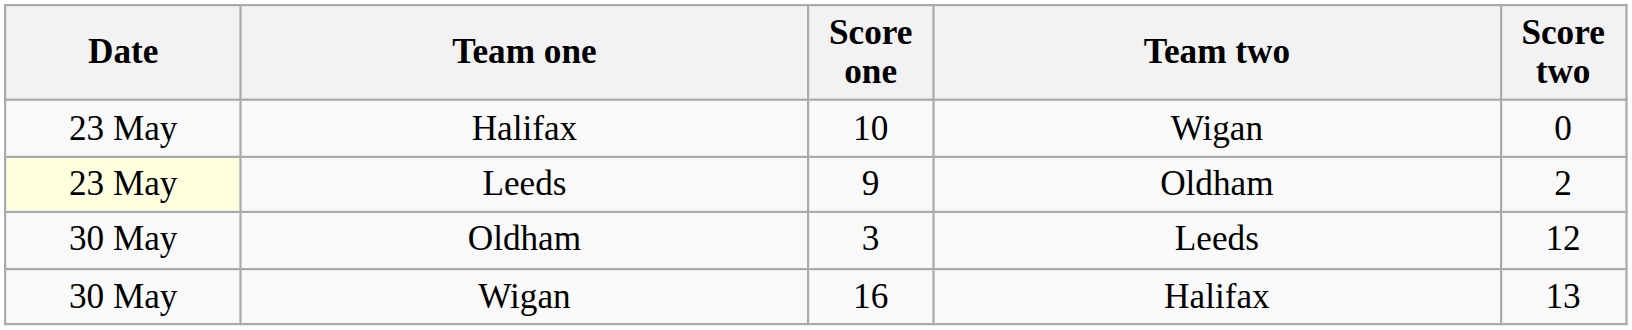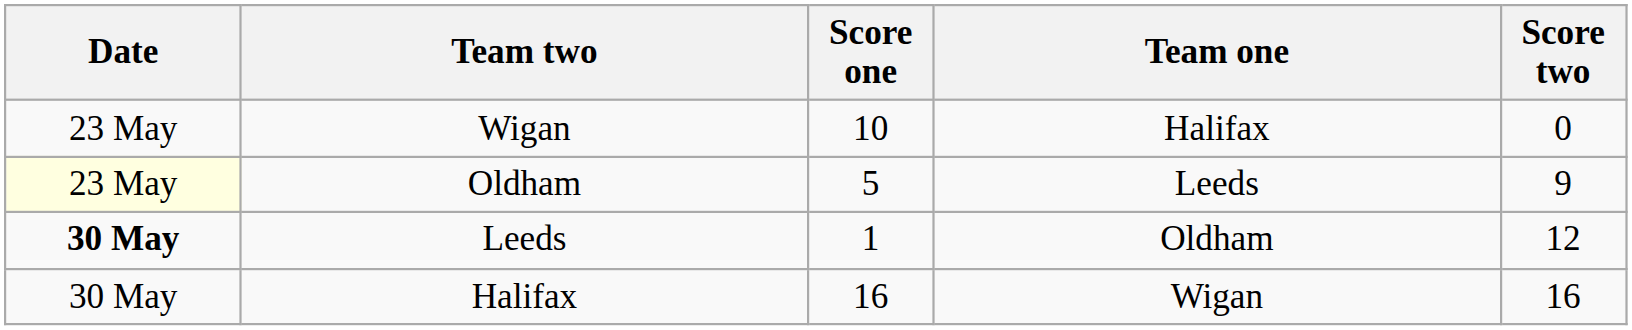 <table class="wikitable" style="text-align: center">
 <tr>
 <th width=100>Date</th>
+<th width=250>Team two</th>
+<th width=50>Score one</th>
 <th width=250>Team one</th>
-<th width=50>Score one</th>
-<th width=250>Team two</th>
 <th width=50>Score two</th>
 </tr>
 <tr>
 <td>23 May</td>
+<td>Wigan</td>
+<td>10</td>
 <td>Halifax</td>
-<td>10</td>
-<td>Wigan</td>
 <td>0</td>
 </tr>
 <tr>
 <td style="background: lightyellow;">23 May</td>
+<td>Oldham</td>
+<td>5</td>
 <td>Leeds</td>
 <td>9</td>
-<td>Oldham</td>
-<td>2</td>
 </tr>
 <tr>
-<td>30 May</td>
+<td><strong>30 May</strong></td>
+<td>Leeds</td>
+<td>1</td>
 <td>Oldham</td>
-<td>3</td>
-<td>Leeds</td>
 <td>12</td>
 </tr>
 <tr>
 <td>30 May</td>
+<td>Halifax</td>
+<td>16</td>
 <td>Wigan</td>
 <td>16</td>
-<td>Halifax</td>
-<td>13</td>
 </tr>
 </table>
